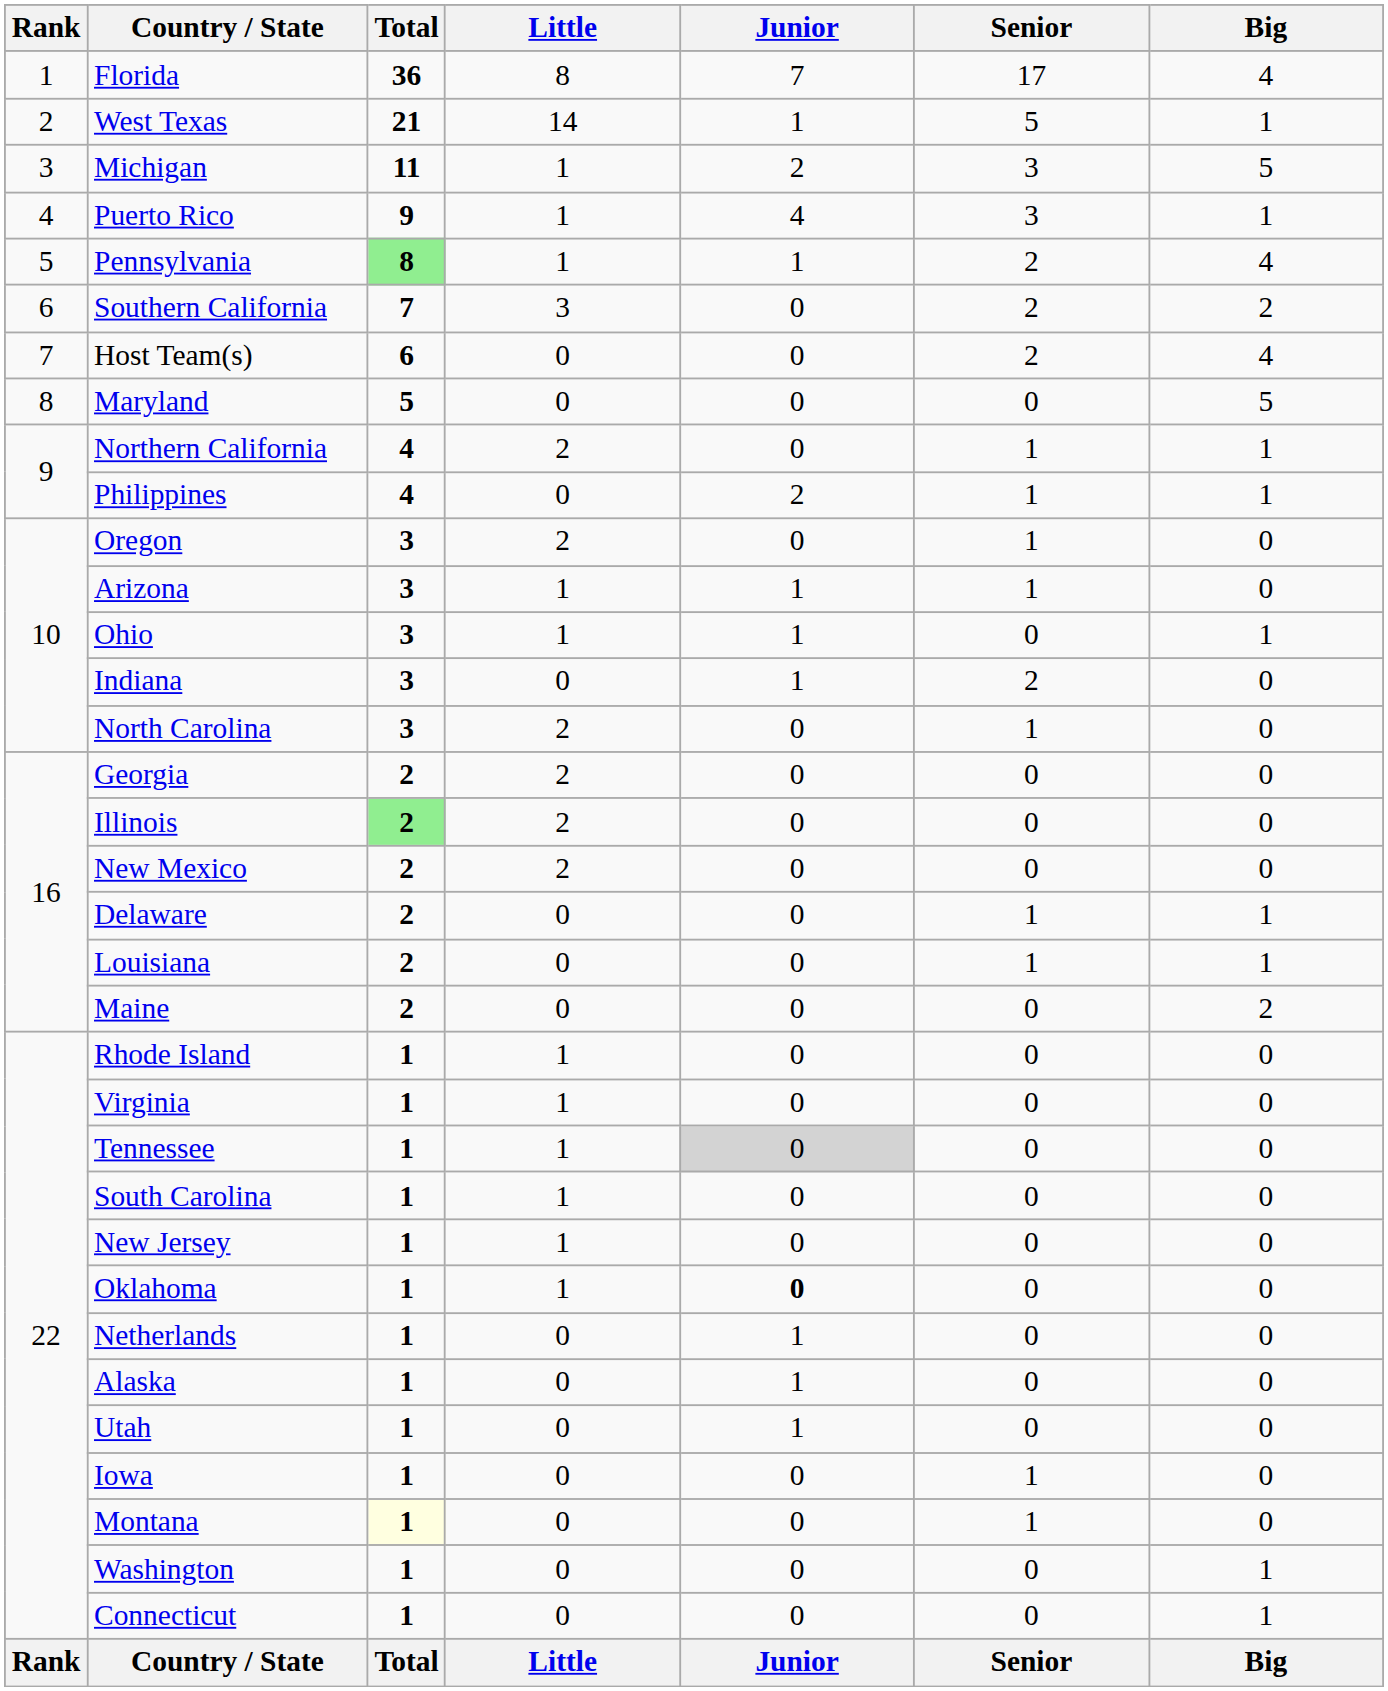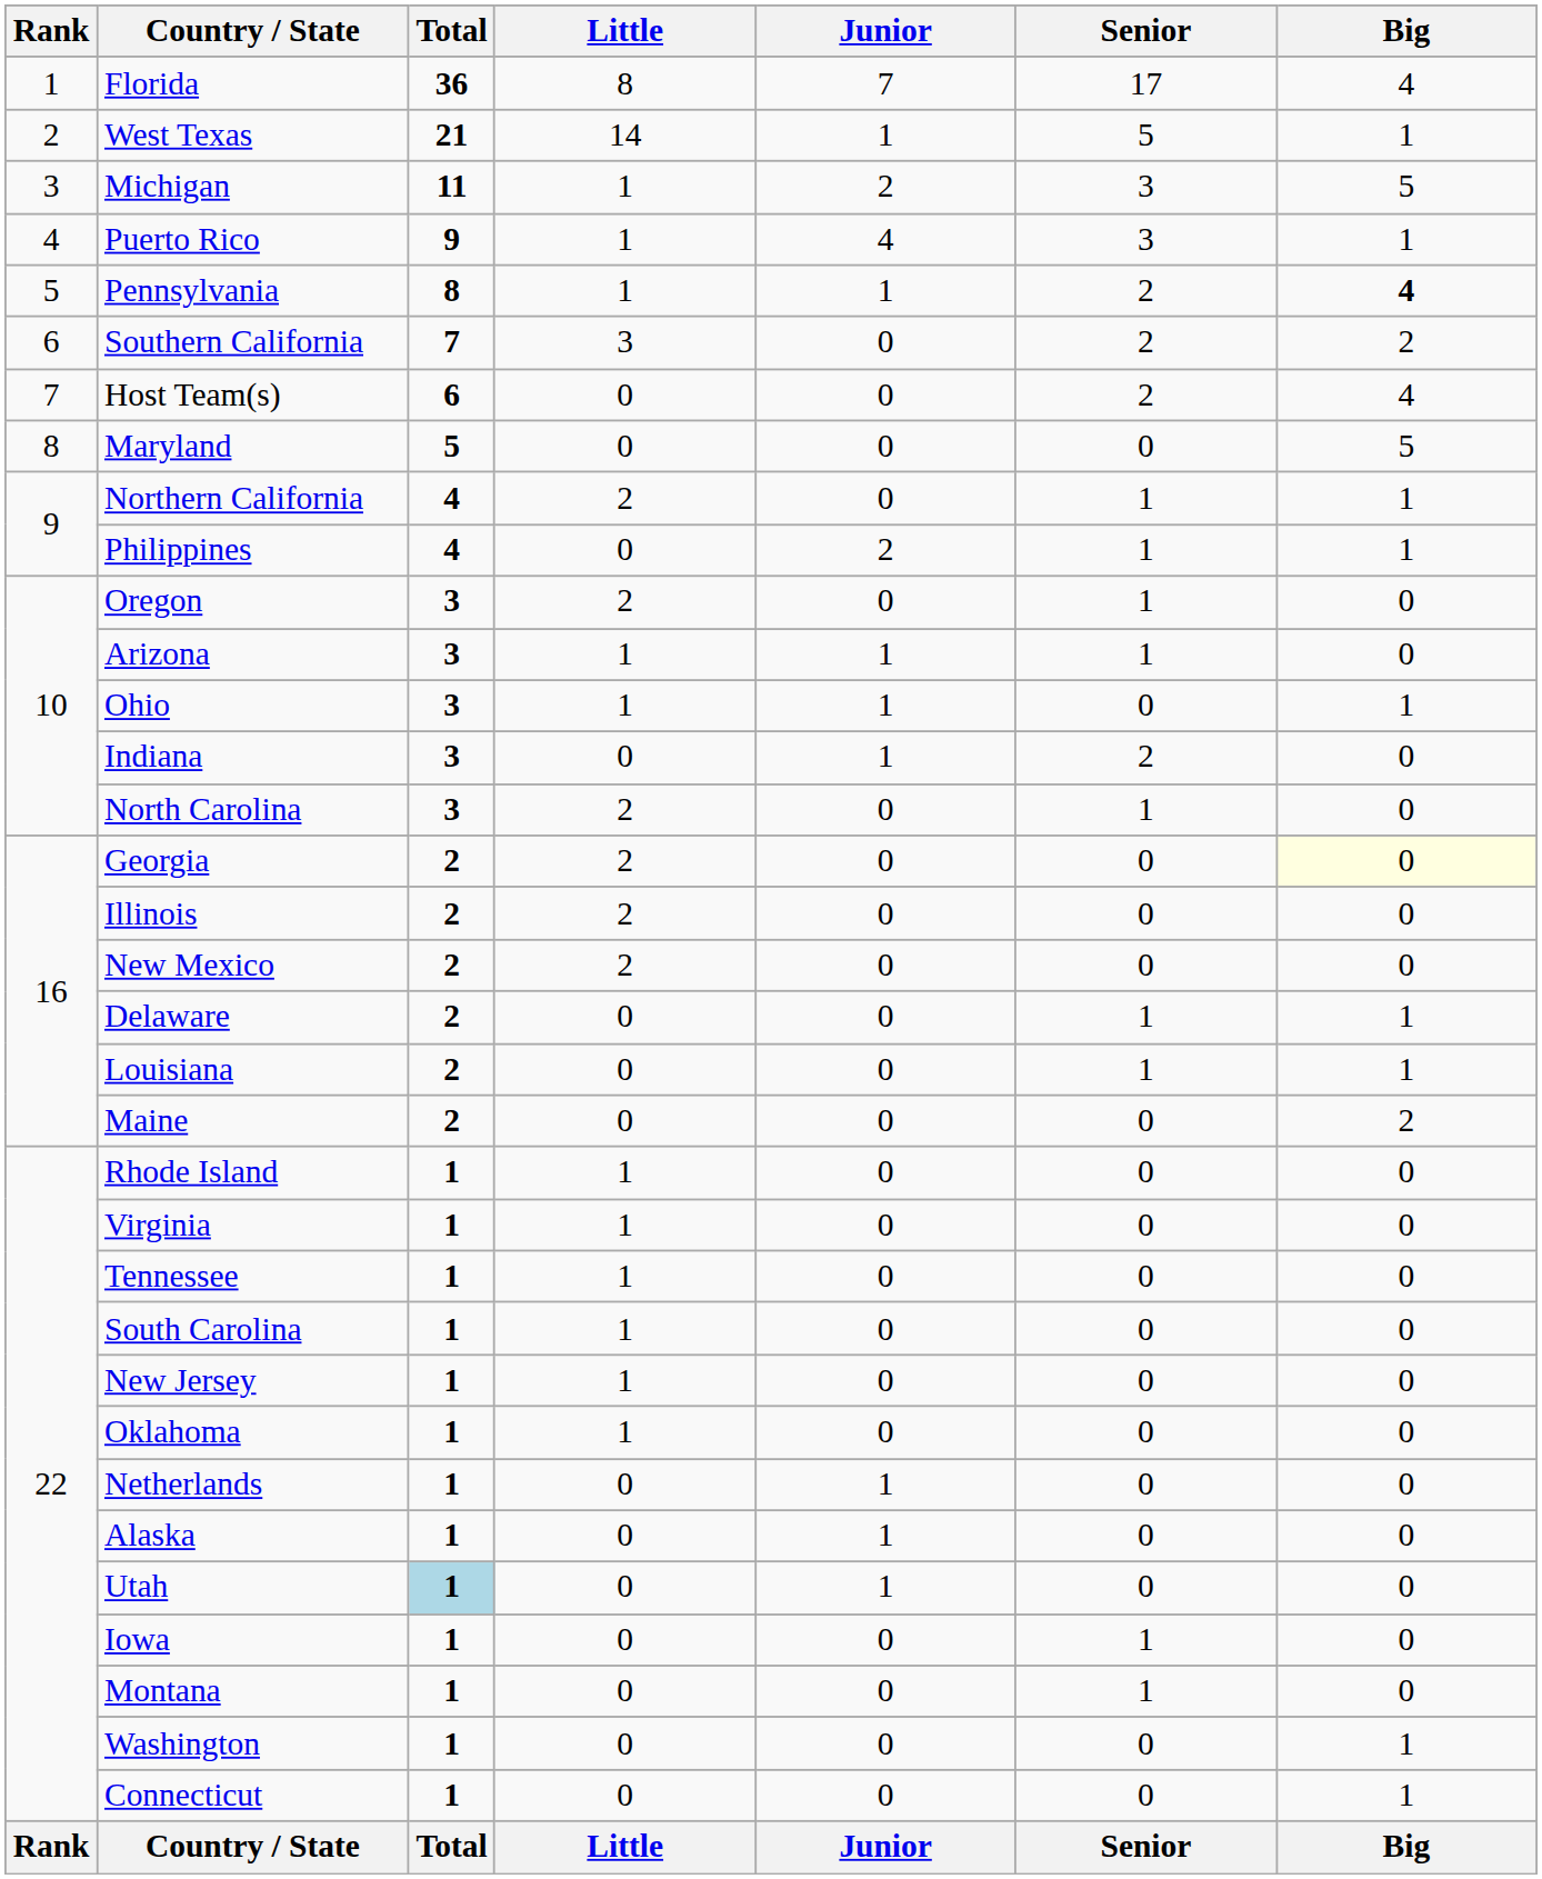 <table class="wikitable sortable" style="text-align:center">
 <tr>
 <th>Rank</th>
 <th width=145>Country / State</th>
 <th>Total</th>
 <th width=120><a href='#'>Little</a></th>
 <th width=120><a href='#'>Junior</a></th>
 <th width=120>Senior</th>
 <th width=120>Big</th>
 </tr>
 <tr>
 <td>1</td>
 <td align="left"> <a href='#'>Florida</a></td>
 <td><strong>36</strong></td>
 <td>8</td>
 <td>7</td>
 <td>17</td>
 <td>4</td>
 </tr>
 <tr>
 <td>2</td>
 <td align="left"> <a href='#'>West Texas</a></td>
 <td><strong>21</strong></td>
 <td>14</td>
 <td>1</td>
 <td>5</td>
 <td>1</td>
 </tr>
 <tr>
 <td>3</td>
 <td align="left"> <a href='#'>Michigan</a></td>
 <td><strong>11</strong></td>
 <td>1</td>
 <td>2</td>
 <td>3</td>
 <td>5</td>
 </tr>
 <tr>
 <td>4</td>
 <td align="left"> <a href='#'>Puerto Rico</a></td>
 <td><strong>9</strong></td>
 <td>1</td>
 <td>4</td>
 <td>3</td>
 <td>1</td>
 </tr>
 <tr>
 <td>5</td>
 <td align="left"> <a href='#'>Pennsylvania</a></td>
-<td style="background: lightgreen;"><strong>8</strong></td>
+<td><strong>8</strong></td>
 <td>1</td>
 <td>1</td>
 <td>2</td>
-<td>4</td>
+<td><strong>4</strong></td>
 </tr>
 <tr>
 <td>6</td>
 <td align="left"> <a href='#'>Southern California</a></td>
 <td><strong>7</strong></td>
 <td>3</td>
 <td>0</td>
 <td>2</td>
 <td>2</td>
 </tr>
 <tr>
 <td>7</td>
 <td align="left"> Host Team(s)</td>
 <td><strong>6</strong></td>
 <td>0</td>
 <td>0</td>
 <td>2</td>
 <td>4</td>
 </tr>
 <tr>
 <td>8</td>
 <td align="left"> <a href='#'>Maryland</a></td>
 <td><strong>5</strong></td>
 <td>0</td>
 <td>0</td>
 <td>0</td>
 <td>5</td>
 </tr>
 <tr>
 <td rowspan="2">9</td>
 <td align="left"> <a href='#'>Northern California</a></td>
 <td><strong>4</strong></td>
 <td>2</td>
 <td>0</td>
 <td>1</td>
 <td>1</td>
 </tr>
 <tr>
 <td align="left"> <a href='#'>Philippines</a></td>
 <td><strong>4</strong></td>
 <td>0</td>
 <td>2</td>
 <td>1</td>
 <td>1</td>
 </tr>
 <tr>
 <td rowspan="5">10</td>
 <td align="left"> <a href='#'>Oregon</a></td>
 <td><strong>3</strong></td>
 <td>2</td>
 <td>0</td>
 <td>1</td>
 <td>0</td>
 </tr>
 <tr>
 <td align="left"> <a href='#'>Arizona</a></td>
 <td><strong>3</strong></td>
 <td>1</td>
 <td>1</td>
 <td>1</td>
 <td>0</td>
 </tr>
 <tr>
 <td align="left"> <a href='#'>Ohio</a></td>
 <td><strong>3</strong></td>
 <td>1</td>
 <td>1</td>
 <td>0</td>
 <td>1</td>
 </tr>
 <tr>
 <td align="left"> <a href='#'>Indiana</a></td>
 <td><strong>3</strong></td>
 <td>0</td>
 <td>1</td>
 <td>2</td>
 <td>0</td>
 </tr>
 <tr>
 <td align="left"> <a href='#'>North Carolina</a></td>
 <td><strong>3</strong></td>
 <td>2</td>
 <td>0</td>
 <td>1</td>
 <td>0</td>
 </tr>
 <tr>
 <td rowspan=6>16</td>
 <td align="left"> <a href='#'>Georgia</a></td>
 <td><strong>2</strong></td>
 <td>2</td>
 <td>0</td>
 <td>0</td>
-<td>0</td>
+<td style="background: lightyellow;">0</td>
 </tr>
 <tr>
 <td align="left"> <a href='#'>Illinois</a></td>
-<td style="background: lightgreen;"><strong>2</strong></td>
+<td><strong>2</strong></td>
 <td>2</td>
 <td>0</td>
 <td>0</td>
 <td>0</td>
 </tr>
 <tr>
 <td align="left"> <a href='#'>New Mexico</a></td>
 <td><strong>2</strong></td>
 <td>2</td>
 <td>0</td>
 <td>0</td>
 <td>0</td>
 </tr>
 <tr>
 <td align="left"> <a href='#'>Delaware</a></td>
 <td><strong>2</strong></td>
 <td>0</td>
 <td>0</td>
 <td>1</td>
 <td>1</td>
 </tr>
 <tr>
 <td align="left"> <a href='#'>Louisiana</a></td>
 <td><strong>2</strong></td>
 <td>0</td>
 <td>0</td>
 <td>1</td>
 <td>1</td>
 </tr>
 <tr>
 <td align="left"> <a href='#'>Maine</a></td>
 <td><strong>2</strong></td>
 <td>0</td>
 <td>0</td>
 <td>0</td>
 <td>2</td>
 </tr>
 <tr>
 <td rowspan=13>22</td>
 <td align="left"> <a href='#'>Rhode Island</a></td>
 <td><strong>1</strong></td>
 <td>1</td>
 <td>0</td>
 <td>0</td>
 <td>0</td>
 </tr>
 <tr>
 <td align="left"> <a href='#'>Virginia</a></td>
 <td><strong>1</strong></td>
 <td>1</td>
 <td>0</td>
 <td>0</td>
 <td>0</td>
 </tr>
 <tr>
 <td align="left"> <a href='#'>Tennessee</a></td>
 <td><strong>1</strong></td>
 <td>1</td>
-<td style="background: lightgrey;">0</td>
+<td>0</td>
 <td>0</td>
 <td>0</td>
 </tr>
 <tr>
 <td align="left"> <a href='#'>South Carolina</a></td>
 <td><strong>1</strong></td>
 <td>1</td>
 <td>0</td>
 <td>0</td>
 <td>0</td>
 </tr>
 <tr>
 <td align="left"> <a href='#'>New Jersey</a></td>
 <td><strong>1</strong></td>
 <td>1</td>
 <td>0</td>
 <td>0</td>
 <td>0</td>
 </tr>
 <tr>
 <td align="left"> <a href='#'>Oklahoma</a></td>
 <td><strong>1</strong></td>
 <td>1</td>
-<td><strong>0</strong></td>
+<td>0</td>
 <td>0</td>
 <td>0</td>
 </tr>
 <tr>
 <td align="left"> <a href='#'>Netherlands</a></td>
 <td><strong>1</strong></td>
 <td>0</td>
 <td>1</td>
 <td>0</td>
 <td>0</td>
 </tr>
 <tr>
 <td align="left"> <a href='#'>Alaska</a></td>
 <td><strong>1</strong></td>
 <td>0</td>
 <td>1</td>
 <td>0</td>
 <td>0</td>
 </tr>
 <tr>
 <td align="left"> <a href='#'>Utah</a></td>
-<td><strong>1</strong></td>
+<td style="background: lightblue;"><strong>1</strong></td>
 <td>0</td>
 <td>1</td>
 <td>0</td>
 <td>0</td>
 </tr>
 <tr>
 <td align="left"> <a href='#'>Iowa</a></td>
 <td><strong>1</strong></td>
 <td>0</td>
 <td>0</td>
 <td>1</td>
 <td>0</td>
 </tr>
 <tr>
 <td align="left"> <a href='#'>Montana</a></td>
-<td style="background: lightyellow;"><strong>1</strong></td>
+<td><strong>1</strong></td>
 <td>0</td>
 <td>0</td>
 <td>1</td>
 <td>0</td>
 </tr>
 <tr>
 <td align="left"> <a href='#'>Washington</a></td>
 <td><strong>1</strong></td>
 <td>0</td>
 <td>0</td>
 <td>0</td>
 <td>1</td>
 </tr>
 <tr>
 <td align="left"> <a href='#'>Connecticut</a></td>
 <td><strong>1</strong></td>
 <td>0</td>
 <td>0</td>
 <td>0</td>
 <td>1</td>
 </tr>
 <tr>
 <th>Rank</th>
 <th width=145>Country / State</th>
 <th>Total</th>
 <th width=120><a href='#'>Little</a></th>
 <th width=120><a href='#'>Junior</a></th>
 <th width=120>Senior</th>
 <th width=120>Big</th>
 </tr>
 <tr>
 </tr>
 </table>
